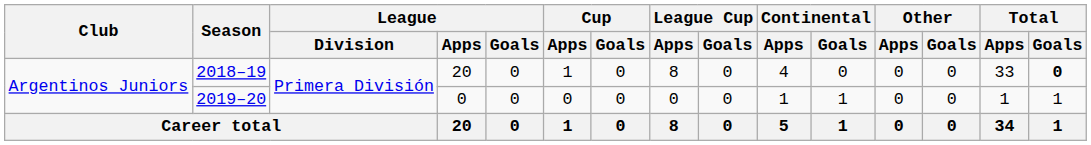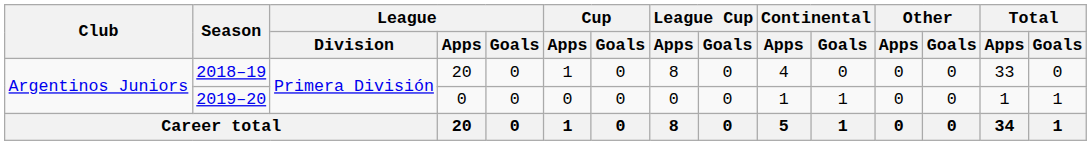 <table class="wikitable" style="text-align:center">
 <tr>
 <th rowspan="2">Club</th>
 <th rowspan="2">Season</th>
 <th colspan="3">League</th>
 <th colspan="2">Cup</th>
 <th colspan="2">League Cup</th>
 <th colspan="2">Continental</th>
 <th colspan="2">Other</th>
 <th colspan="2">Total</th>
 </tr>
 <tr>
 <th>Division</th>
 <th>Apps</th>
 <th>Goals</th>
 <th>Apps</th>
 <th>Goals</th>
 <th>Apps</th>
 <th>Goals</th>
 <th>Apps</th>
 <th>Goals</th>
 <th>Apps</th>
 <th>Goals</th>
 <th>Apps</th>
 <th>Goals</th>
 </tr>
 <tr>
 <td rowspan="2"><a href='#'>Argentinos Juniors</a></td>
 <td><a href='#'>2018–19</a></td>
 <td rowspan="2"><a href='#'>Primera División</a></td>
 <td>20</td>
 <td>0</td>
 <td>1</td>
 <td>0</td>
 <td>8</td>
 <td>0</td>
 <td>4</td>
 <td>0</td>
 <td>0</td>
 <td>0</td>
 <td>33</td>
-<td><strong>0</strong></td>
+<td>0</td>
 </tr>
 <tr>
 <td><a href='#'>2019–20</a></td>
 <td>0</td>
 <td>0</td>
 <td>0</td>
 <td>0</td>
 <td>0</td>
 <td>0</td>
 <td>1</td>
 <td>1</td>
 <td>0</td>
 <td>0</td>
 <td>1</td>
 <td>1</td>
 </tr>
 <tr>
 <th colspan="3">Career total</th>
 <th>20</th>
 <th>0</th>
 <th>1</th>
 <th>0</th>
 <th>8</th>
 <th>0</th>
 <th>5</th>
 <th>1</th>
 <th>0</th>
 <th>0</th>
 <th>34</th>
 <th>1</th>
 </tr>
 </table>
